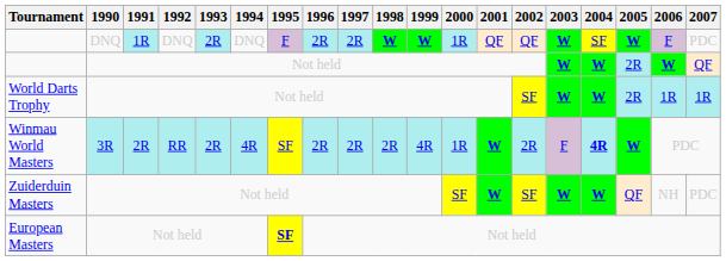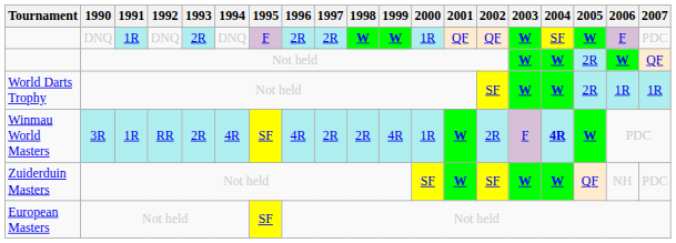 <table class=wikitable style=text-align:center;font-size:88%>
 <tr>
 <th>Tournament</th>
 <th>1990</th>
 <th>1991</th>
 <th>1992</th>
 <th>1993</th>
 <th>1994</th>
 <th>1995</th>
 <th>1996</th>
 <th>1997</th>
 <th>1998</th>
 <th>1999</th>
 <th>2000</th>
 <th>2001</th>
 <th>2002</th>
 <th>2003</th>
 <th>2004</th>
 <th>2005</th>
 <th>2006</th>
 <th>2007</th>
 </tr>
 <tr>
 <td align=left></td>
 <td style="text-align:center; color:#ccc;">DNQ</td>
 <td style="text-align:center; background:#afeeee;"><a href='#'>1R</a></td>
 <td style="text-align:center; color:#ccc;">DNQ</td>
 <td style="text-align:center; background:#afeeee;"><a href='#'>2R</a></td>
 <td style="text-align:center; color:#ccc;">DNQ</td>
 <td style="text-align:center; background:thistle;"><a href='#'>F</a></td>
 <td style="text-align:center; background:#afeeee;"><a href='#'>2R</a></td>
 <td style="text-align:center; background:#afeeee;"><a href='#'>2R</a></td>
 <td style="text-align:center; background:lime;"><strong><a href='#'>W</a></strong></td>
 <td style="text-align:center; background:lime;"><strong><a href='#'>W</a></strong></td>
 <td style="text-align:center; background:#afeeee;"><a href='#'>1R</a></td>
 <td style="text-align:center; background:#ffebcd;"><a href='#'>QF</a></td>
 <td style="text-align:center; background:#ffebcd;"><a href='#'>QF</a></td>
 <td style="text-align:center; background:lime;"><strong><a href='#'>W</a></strong></td>
 <td style="text-align:center; background:yellow;"><a href='#'>SF</a></td>
 <td style="text-align:center; background:lime;"><strong><a href='#'>W</a></strong></td>
 <td style="text-align:center; background:thistle;"><a href='#'>F</a></td>
 <td style="text-align:center; color:#ccc;">PDC</td>
 </tr>
 <tr>
 <td align=left></td>
 <td colspan="13" style="text-align:center; color:#ccc;">Not held</td>
 <td style="text-align:center; background:lime;"><strong><a href='#'>W</a></strong></td>
 <td style="text-align:center; background:lime;"><strong><a href='#'>W</a></strong></td>
 <td style="text-align:center; background:#afeeee;"><a href='#'>2R</a></td>
 <td style="text-align:center; background:lime;"><strong><a href='#'>W</a></strong></td>
 <td style="text-align:center; background:#ffebcd;"><a href='#'>QF</a></td>
 </tr>
 <tr>
 <td align=left><a href='#'>World Darts Trophy</a></td>
 <td colspan="12" style="text-align:center; color:#ccc;">Not held</td>
 <td style="text-align:center; background:yellow;"><a href='#'>SF</a></td>
 <td style="text-align:center; background:lime;"><strong><a href='#'>W</a></strong></td>
 <td style="text-align:center; background:lime;"><strong><a href='#'>W</a></strong></td>
 <td style="text-align:center; background:#afeeee;"><a href='#'>2R</a></td>
 <td style="text-align:center; background:#afeeee;"><a href='#'>1R</a></td>
 <td style="text-align:center; background:#afeeee;"><a href='#'>1R</a></td>
 </tr>
 <tr>
 <td align=left><a href='#'>Winmau World Masters</a></td>
 <td style="text-align:center; background:#afeeee;"><a href='#'>3R</a></td>
-<td style="text-align:center; background:#afeeee;"><a href='#'>2R</a></td>
+<td style="text-align:center; background:#afeeee;"><a href='#'>1R</a></td>
 <td style="text-align:center; background:#afeeee;"><a href='#'>RR</a></td>
 <td style="text-align:center; background:#afeeee;"><a href='#'>2R</a></td>
 <td style="text-align:center; background:#afeeee;"><a href='#'>4R</a></td>
 <td style="text-align:center; background:yellow;"><a href='#'>SF</a></td>
-<td style="text-align:center; background:#afeeee;"><a href='#'>2R</a></td>
+<td style="text-align:center; background:#afeeee;"><a href='#'>4R</a></td>
 <td style="text-align:center; background:#afeeee;"><a href='#'>2R</a></td>
 <td style="text-align:center; background:#afeeee;"><a href='#'>2R</a></td>
 <td style="text-align:center; background:#afeeee;"><a href='#'>4R</a></td>
 <td style="text-align:center; background:#afeeee;"><a href='#'>1R</a></td>
 <td style="text-align:center; background:lime;"><strong><a href='#'>W</a></strong></td>
 <td style="text-align:center; background:#afeeee;"><a href='#'>2R</a></td>
 <td style="text-align:center; background:thistle;"><a href='#'>F</a></td>
 <td style="text-align:center; background:#afeeee;"><strong><a href='#'>4R</a></strong></td>
 <td style="text-align:center; background:lime;"><strong><a href='#'>W</a></strong></td>
 <td colspan="2" style="text-align:center; color:#ccc;">PDC</td>
 </tr>
 <tr>
 <td align=left><a href='#'>Zuiderduin Masters</a></td>
 <td colspan="10" style="text-align:center; color:#ccc;">Not held</td>
 <td style="text-align:center; background:yellow;"><a href='#'>SF</a></td>
 <td style="text-align:center; background:lime;"><strong><a href='#'>W</a></strong></td>
 <td style="text-align:center; background:yellow;"><a href='#'>SF</a></td>
 <td style="text-align:center; background:lime;"><strong><a href='#'>W</a></strong></td>
 <td style="text-align:center; background:lime;"><strong><a href='#'>W</a></strong></td>
 <td style="text-align:center; background:#ffebcd;"><a href='#'>QF</a></td>
 <td style="text-align:center; color:#ccc;">NH</td>
 <td style="text-align:center; color:#ccc;">PDC</td>
 </tr>
 <tr>
 <td align=left><a href='#'>European Masters</a></td>
 <td colspan="5" style="text-align:center; color:#ccc;">Not held</td>
-<td style="text-align:center; background:yellow;"><strong><a href='#'>SF</a></strong></td>
+<td style="text-align:center; background:yellow;"><a href='#'>SF</a></td>
 <td colspan="12" style="text-align:center; color:#ccc;">Not held</td>
 </tr>
 </table>
